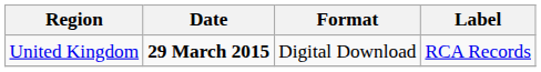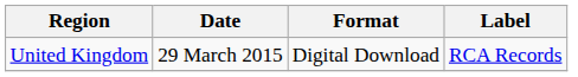 <table class=wikitable>
 <tr>
 <th>Region</th>
 <th>Date</th>
 <th>Format</th>
 <th>Label</th>
 </tr>
 <tr>
 <td><a href='#'>United Kingdom</a></td>
-<td><strong>29 March 2015</strong></td>
+<td>29 March 2015</td>
 <td>Digital Download</td>
 <td><a href='#'>RCA Records</a></td>
 </tr>
 <tr>
 </tr>
 </table>
